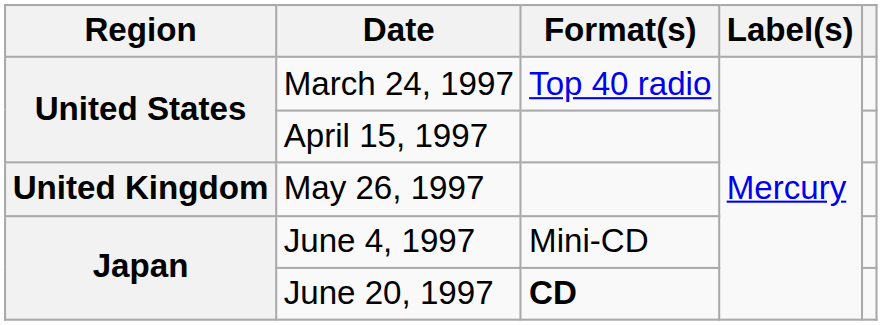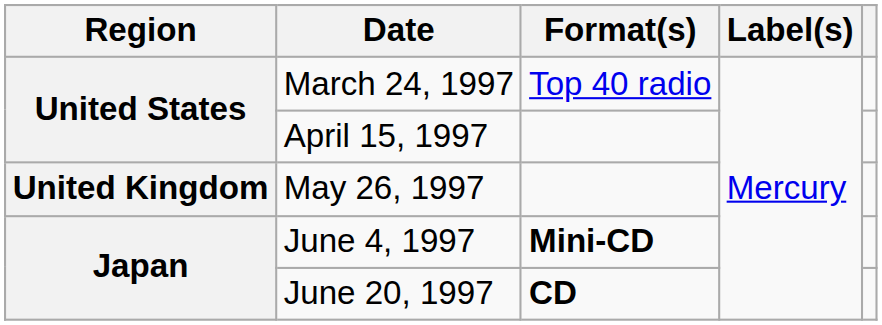 <table class="wikitable plainrowheaders">
 <tr>
 <th scope="col">Region</th>
 <th scope="col">Date</th>
 <th scope="col">Format(s)</th>
 <th scope="col">Label(s)</th>
 <th scope="col"></th>
 </tr>
 <tr>
 <th scope="row" rowspan="2">United States</th>
 <td>March 24, 1997</td>
 <td><a href='#'>Top 40 radio</a></td>
 <td rowspan="5"><a href='#'>Mercury</a></td>
 <td align="center"></td>
 </tr>
 <tr>
 <td>April 15, 1997</td>
 <td></td>
 <td align="center"></td>
 </tr>
 <tr>
 <th scope="row">United Kingdom</th>
 <td>May 26, 1997</td>
 <td></td>
 <td align="center"></td>
 </tr>
 <tr>
 <th scope="row" rowspan="2">Japan</th>
 <td>June 4, 1997</td>
-<td>Mini-CD</td>
+<td><strong>Mini-CD</strong></td>
 <td align="center"></td>
 </tr>
 <tr>
 <td>June 20, 1997</td>
 <td><strong>CD</strong></td>
 <td align="center"></td>
 </tr>
 </table>
